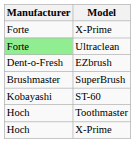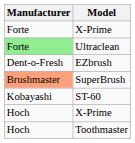 <table class="wikitable">
 <tr>
 <th>Manufacturer</th>
 <th>Model</th>
 </tr>
 <tr>
 <td>Forte</td>
 <td>X-Prime</td>
 </tr>
 <tr>
 <td style="background: lightgreen;">Forte</td>
 <td>Ultraclean</td>
 </tr>
 <tr>
 <td>Dent-o-Fresh</td>
 <td>EZbrush</td>
 </tr>
 <tr>
-<td>Brushmaster</td>
+<td style="background: lightsalmon;">Brushmaster</td>
 <td>SuperBrush</td>
 </tr>
 <tr>
 <td>Kobayashi</td>
 <td>ST-60</td>
 </tr>
 <tr>
 <td>Hoch</td>
-<td>Toothmaster</td>
+<td>X-Prime</td>
 </tr>
 <tr>
 <td>Hoch</td>
-<td>X-Prime</td>
+<td>Toothmaster</td>
 </tr>
 </table>
